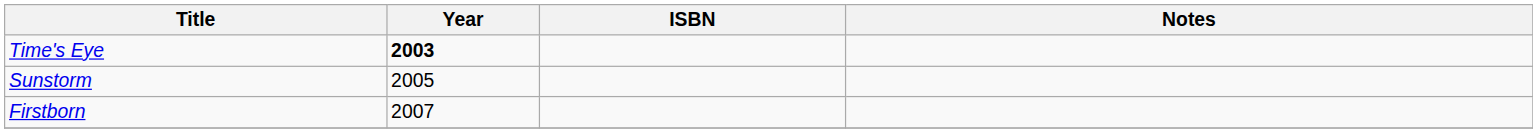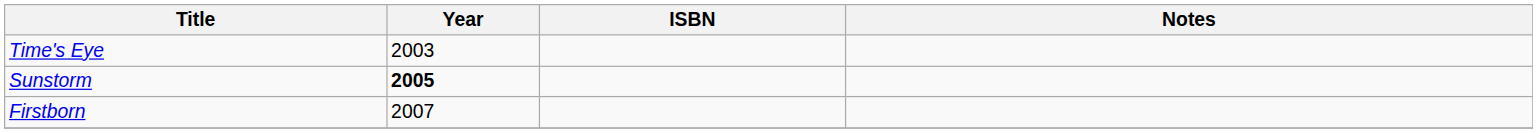 <table class='wikitable' width='100%'>
 <tr>
 <th width='25%'>Title</th>
 <th width='10%'>Year</th>
 <th width='20%'>ISBN</th>
 <th width='45%'>Notes</th>
 </tr>
 <tr>
 <td><em><a href='#'>Time's Eye</a></em></td>
-<td><strong>2003</strong></td>
+<td>2003</td>
 <td></td>
 <td> </td>
 </tr>
 <tr>
 <td><em><a href='#'>Sunstorm</a></em></td>
-<td>2005</td>
+<td><strong>2005</strong></td>
 <td></td>
 <td> </td>
 </tr>
 <tr>
 <td><em><a href='#'>Firstborn</a></em></td>
 <td>2007</td>
 <td></td>
 <td> </td>
 </tr>
 <tr>
 </tr>
 </table>
